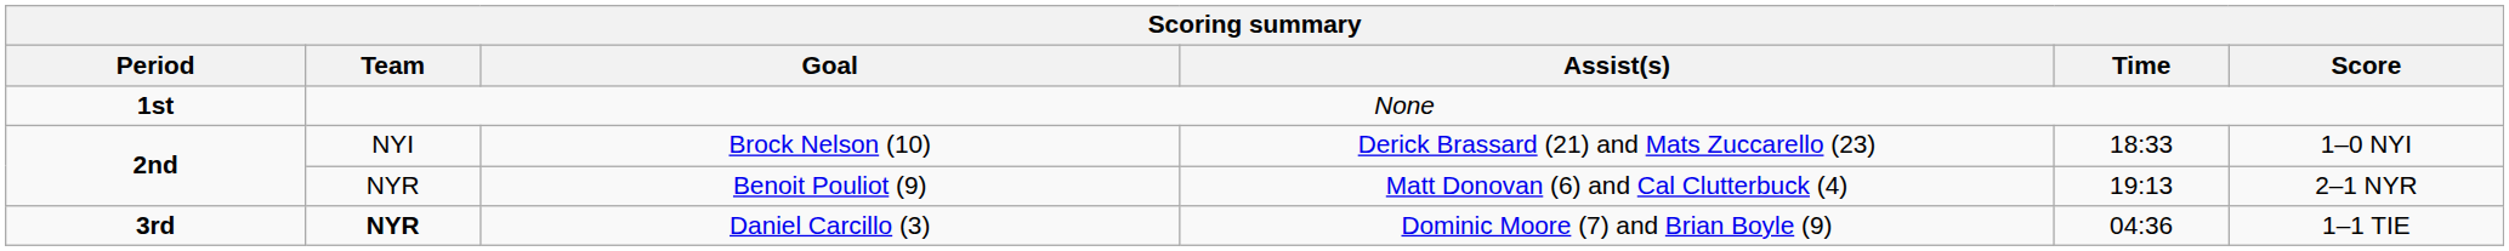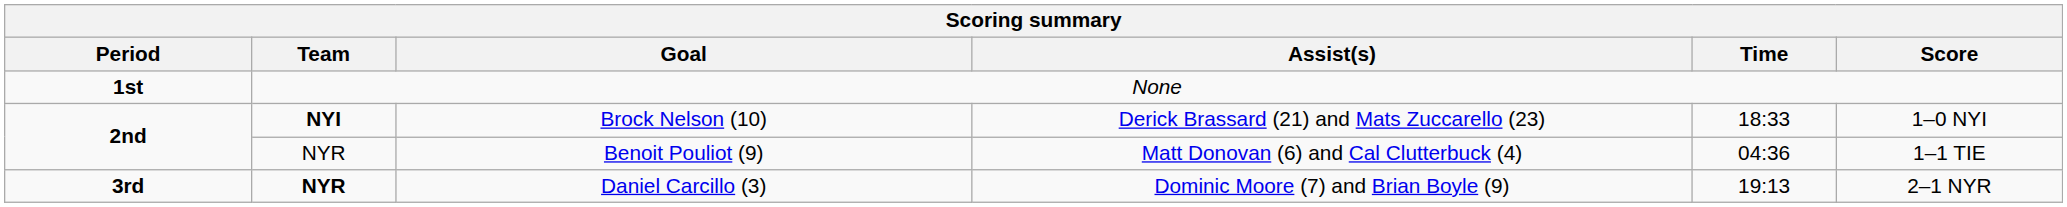 <table style="width:100%;" class="wikitable">
 <tr>
 <th colspan=6>Scoring summary</th>
 </tr>
 <tr>
 <th style="width:12%;">Period</th>
 <th style="width:7%;">Team</th>
 <th style="width:28%;">Goal</th>
 <th style="width:35%;">Assist(s)</th>
 <th style="width:7%;">Time</th>
 <th style="width:11%;">Score</th>
 </tr>
 <tr style="text-align:center;">
 <td><strong>1st</strong></td>
 <td colspan="5"><em>None</em></td>
 </tr>
 <tr style="text-align:center;">
 <td style="text-align:center;" rowspan="2"><strong>2nd</strong></td>
-<td align=center>NYI</td>
+<td align=center><strong>NYI</strong></td>
 <td><a href='#'>Brock Nelson</a> (10)</td>
 <td><a href='#'>Derick Brassard</a> (21) and <a href='#'>Mats Zuccarello</a> (23)</td>
 <td align=center>18:33</td>
 <td align=center>1–0 NYI</td>
 </tr>
 <tr style="text-align:center;">
 <td align=center>NYR</td>
 <td><a href='#'>Benoit Pouliot</a> (9)</td>
 <td><a href='#'>Matt Donovan</a> (6) and <a href='#'>Cal Clutterbuck</a> (4)</td>
-<td align=center>19:13</td>
-<td align=center>2–1 NYR</td>
+<td align=center>04:36</td>
+<td align=center>1–1 TIE</td>
 </tr>
 <tr style="text-align:center;">
 <td style="text-align:center;"><strong>3rd</strong></td>
 <td align=center><strong>NYR</strong></td>
 <td><a href='#'>Daniel Carcillo</a> (3)</td>
 <td><a href='#'>Dominic Moore</a> (7) and <a href='#'>Brian Boyle</a> (9)</td>
-<td align=center>04:36</td>
-<td align=center>1–1 TIE</td>
+<td align=center>19:13</td>
+<td align=center>2–1 NYR</td>
 </tr>
 </table>
